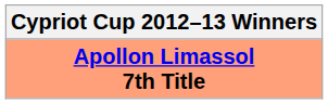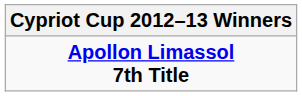 <table class="wikitable" style="text-align: center; margin: 0 auto;">
 <tr>
 <th>Cypriot Cup 2012–13 Winners</th>
 </tr>
 <tr>
-<td style="background: lightsalmon;"><strong><a href='#'>Apollon Limassol</a></strong><br><strong>7th Title</strong></td>
+<td><strong><a href='#'>Apollon Limassol</a></strong><br><strong>7th Title</strong></td>
 </tr>
 </table>
